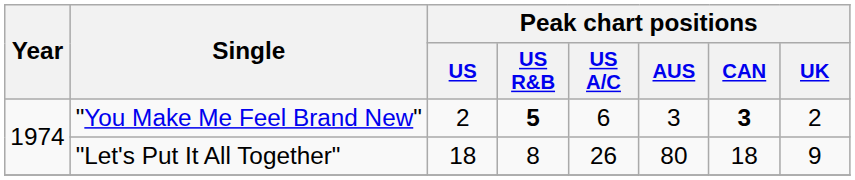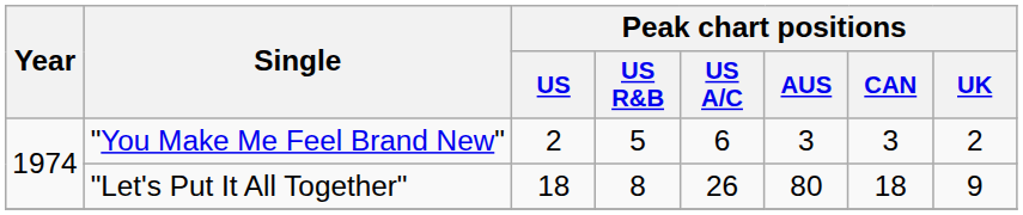 <table class="wikitable" style="text-align:center;">
 <tr>
 <th rowspan="2">Year</th>
 <th rowspan="2">Single</th>
 <th colspan="6">Peak chart positions</th>
 </tr>
 <tr style="font-size:smaller;">
 <th width="40"><a href='#'>US</a></th>
 <th width="40"><a href='#'>US<br>R&B</a></th>
 <th width="40"><a href='#'>US<br>A/C</a></th>
 <th width="40"><a href='#'>AUS</a></th>
 <th width="40"><a href='#'>CAN</a></th>
 <th width="40"><a href='#'>UK</a><br></th>
 </tr>
 <tr>
 <td rowspan="2">1974</td>
 <td align="left">"<a href='#'>You Make Me Feel Brand New</a>"</td>
 <td>2</td>
-<td><strong>5</strong></td>
+<td>5</td>
 <td>6</td>
 <td>3</td>
-<td><strong>3</strong></td>
+<td>3</td>
 <td>2</td>
 </tr>
 <tr>
 <td align="left">"Let's Put It All Together"</td>
 <td>18</td>
 <td>8</td>
 <td>26</td>
 <td>80</td>
 <td>18</td>
 <td>9</td>
 </tr>
 <tr>
 </tr>
 </table>
